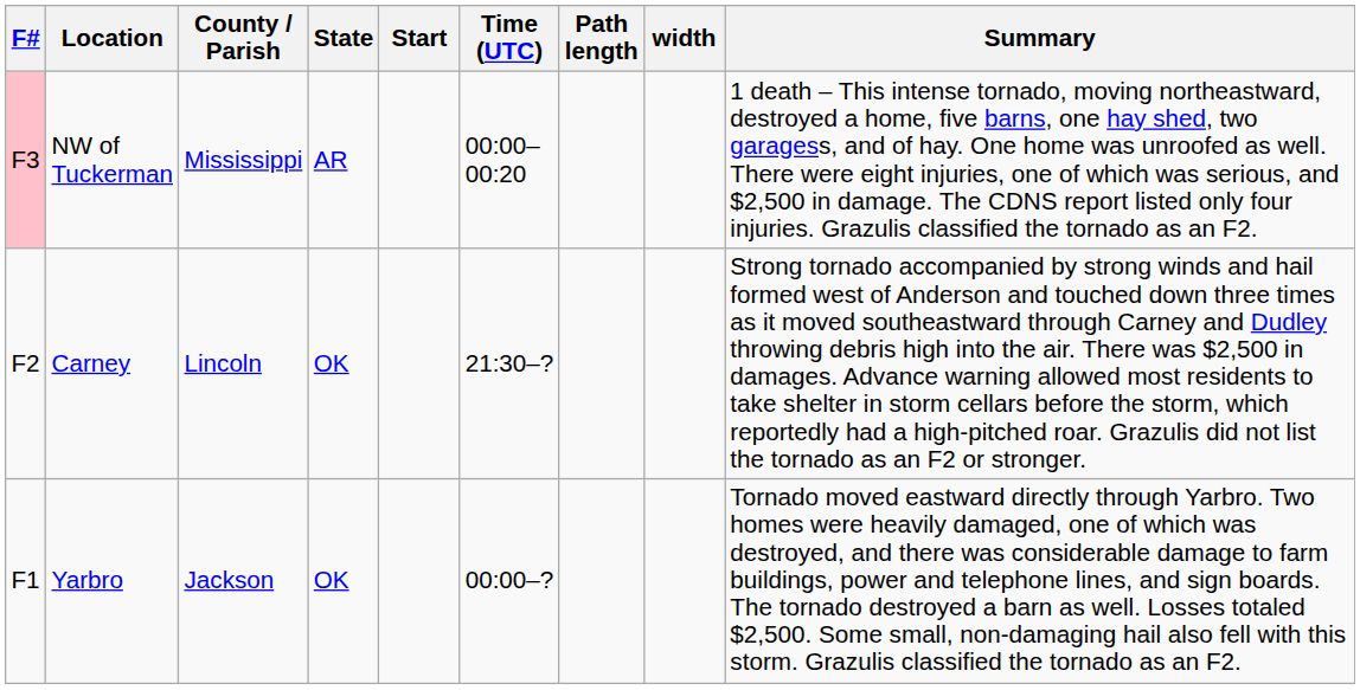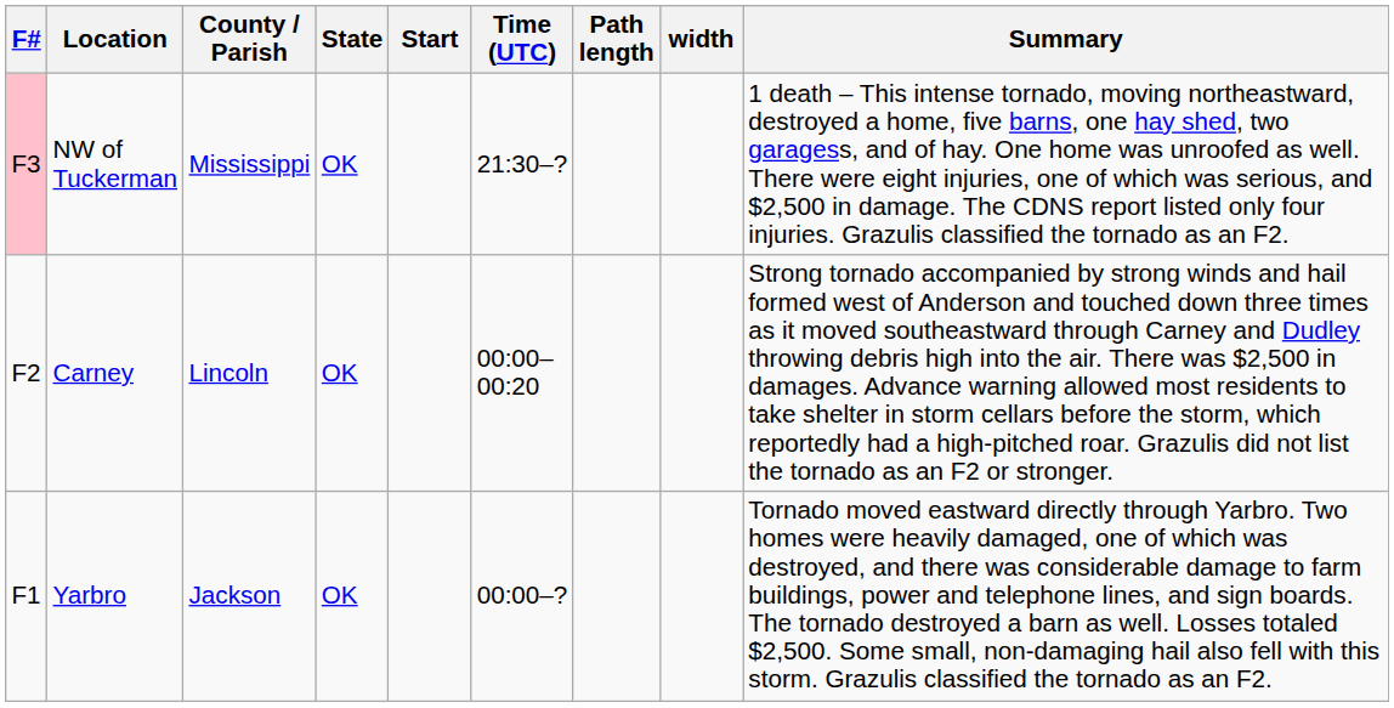 <table class="wikitable sortable" style="width:100%;">
 <tr>
 <th scope="col"  style="width:3%; text-align:center;"><a href='#'>F#</a></th>
 <th scope="col"  style="width:7%; text-align:center;" class="unsortable">Location</th>
 <th scope="col"  style="width:6%; text-align:center;" class="unsortable">County / Parish</th>
 <th scope="col"  style="width:5%; text-align:center;">State</th>
 <th scope="col"  style="width:6%; text-align:center;">Start<br></th>
 <th scope="col"  style="width:6%; text-align:center;">Time (<a href='#'>UTC</a>)</th>
 <th scope="col"  style="width:6%; text-align:center;">Path length</th>
 <th scope="col"  style="width:6%; text-align:center;"> width</th>
 <th scope="col" class="unsortable" style="width:48%; text-align:center;">Summary</th>
 </tr>
 <tr>
 <td style="background: pink;">F3</td>
 <td>NW of <a href='#'>Tuckerman</a></td>
 <td><a href='#'>Mississippi</a></td>
-<td><a href='#'>AR</a></td>
+<td><a href='#'>OK</a></td>
 <td></td>
-<td>00:00–00:20</td>
+<td>21:30–?</td>
 <td></td>
 <td></td>
 <td>1 death – This intense tornado, moving northeastward, destroyed a home, five <a href='#'>barns</a>, one <a href='#'>hay shed</a>, two <a href='#'>garages</a>s, and  of hay. One home was unroofed as well. There were eight injuries, one of which was serious, and $2,500 in damage. The CDNS report listed only four injuries. Grazulis classified the tornado as an F2.</td>
 </tr>
 <tr>
 <td>F2</td>
 <td><a href='#'>Carney</a></td>
 <td><a href='#'>Lincoln</a></td>
 <td><a href='#'>OK</a></td>
 <td></td>
-<td>21:30–?</td>
+<td>00:00–00:20</td>
 <td></td>
 <td></td>
 <td>Strong tornado accompanied by strong winds and hail formed west of Anderson and touched down three times as it moved southeastward through Carney and <a href='#'>Dudley</a> throwing debris high into the air. There was $2,500 in damages. Advance warning allowed most residents to take shelter in storm cellars before the storm, which reportedly had a high-pitched roar. Grazulis did not list the tornado as an F2 or stronger.</td>
 </tr>
 <tr>
 <td>F1</td>
 <td><a href='#'>Yarbro</a></td>
 <td><a href='#'>Jackson</a></td>
 <td><a href='#'>OK</a></td>
 <td></td>
 <td>00:00–?</td>
 <td></td>
 <td></td>
 <td>Tornado moved eastward directly through Yarbro. Two homes were heavily damaged, one of which was destroyed, and there was considerable damage to farm buildings, power and telephone lines, and sign boards. The tornado destroyed a barn as well. Losses totaled $2,500. Some small, non-damaging hail also fell with this storm. Grazulis classified the tornado as an F2.</td>
 </tr>
 </table>
